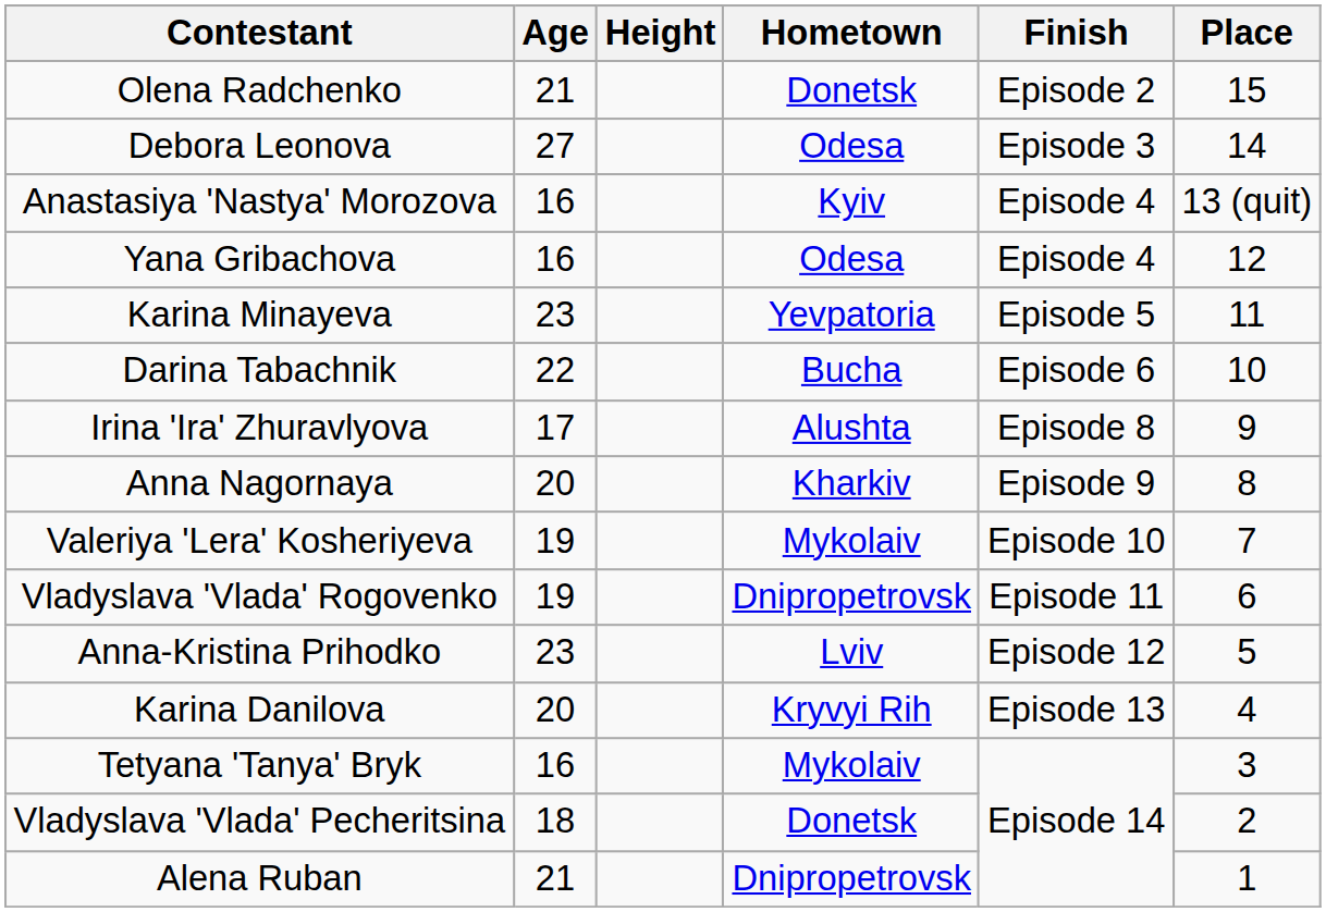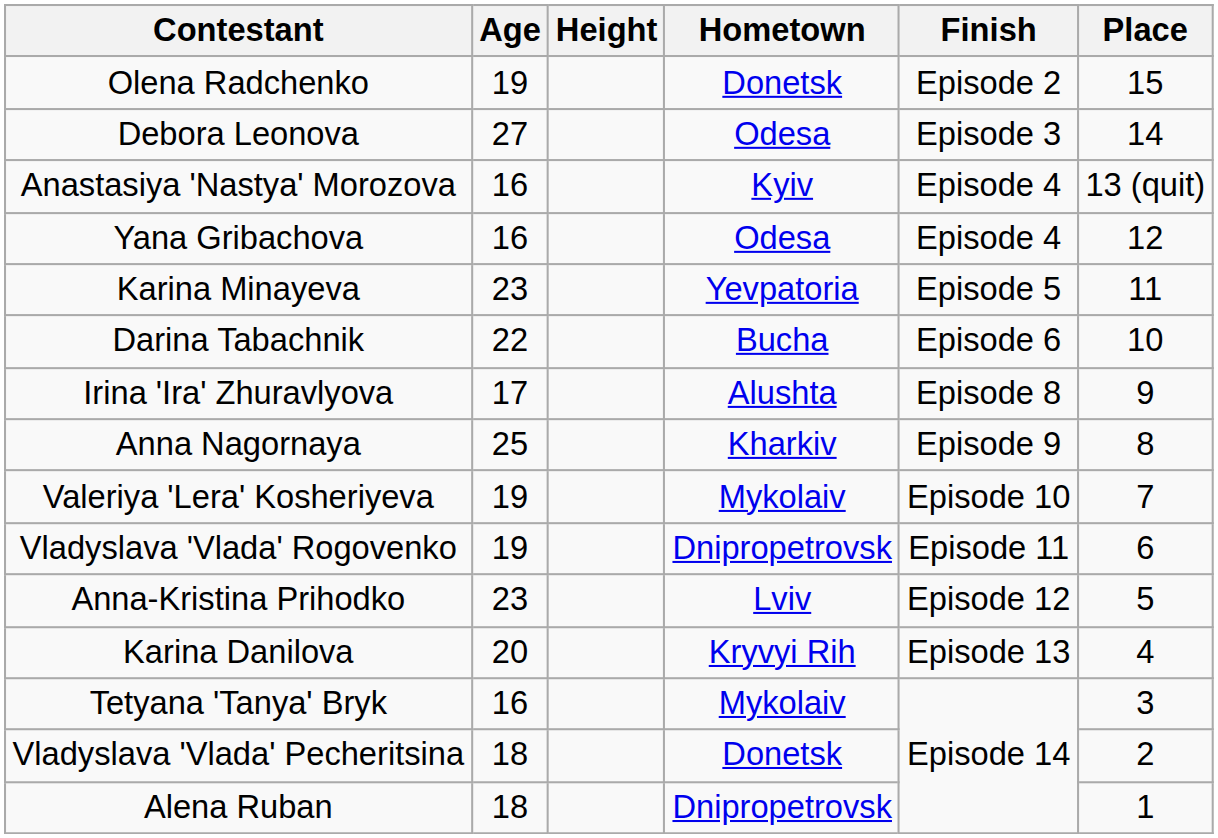 <table class="wikitable sortable" style="text-align:center;">
 <tr>
 <th>Contestant</th>
 <th>Age</th>
 <th>Height</th>
 <th>Hometown</th>
 <th>Finish</th>
 <th>Place</th>
 </tr>
 <tr>
 <td>Olena Radchenko</td>
-<td>21</td>
+<td>19</td>
 <td></td>
 <td><a href='#'>Donetsk</a></td>
 <td>Episode 2</td>
 <td>15</td>
 </tr>
 <tr>
 <td>Debora Leonova</td>
 <td>27</td>
 <td></td>
 <td><a href='#'>Odesa</a></td>
 <td>Episode 3</td>
 <td>14</td>
 </tr>
 <tr>
 <td>Anastasiya 'Nastya' Morozova</td>
 <td>16</td>
 <td></td>
 <td><a href='#'>Kyiv</a></td>
 <td>Episode 4</td>
 <td>13 (quit)</td>
 </tr>
 <tr>
 <td>Yana Gribachova</td>
 <td>16</td>
 <td></td>
 <td><a href='#'>Odesa</a></td>
 <td>Episode 4</td>
 <td>12</td>
 </tr>
 <tr>
 <td>Karina Minayeva</td>
 <td>23</td>
 <td></td>
 <td><a href='#'>Yevpatoria</a></td>
 <td>Episode 5</td>
 <td>11</td>
 </tr>
 <tr>
 <td>Darina Tabachnik</td>
 <td>22</td>
 <td></td>
 <td><a href='#'>Bucha</a></td>
 <td>Episode 6</td>
 <td>10</td>
 </tr>
 <tr>
 <td>Irina 'Ira' Zhuravlyova</td>
 <td>17</td>
 <td></td>
 <td><a href='#'>Alushta</a></td>
 <td>Episode 8</td>
 <td>9</td>
 </tr>
 <tr>
 <td>Anna Nagornaya</td>
-<td>20</td>
+<td>25</td>
 <td></td>
 <td><a href='#'>Kharkiv</a></td>
 <td>Episode 9</td>
 <td>8</td>
 </tr>
 <tr>
 <td>Valeriya 'Lera' Kosheriyeva</td>
 <td>19</td>
 <td></td>
 <td><a href='#'>Mykolaiv</a></td>
 <td>Episode 10</td>
 <td>7</td>
 </tr>
 <tr>
 <td>Vladyslava 'Vlada' Rogovenko</td>
 <td>19</td>
 <td></td>
 <td><a href='#'>Dnipropetrovsk</a></td>
 <td>Episode 11</td>
 <td>6</td>
 </tr>
 <tr>
 <td>Anna-Kristina Prihodko</td>
 <td>23</td>
 <td></td>
 <td><a href='#'>Lviv</a></td>
 <td>Episode 12</td>
 <td>5</td>
 </tr>
 <tr>
 <td>Karina Danilova</td>
 <td>20</td>
 <td></td>
 <td><a href='#'>Kryvyi Rih</a></td>
 <td>Episode 13</td>
 <td>4</td>
 </tr>
 <tr>
 <td>Tetyana 'Tanya' Bryk</td>
 <td>16</td>
 <td></td>
 <td><a href='#'>Mykolaiv</a></td>
 <td rowspan="3">Episode 14</td>
 <td>3</td>
 </tr>
 <tr>
 <td>Vladyslava 'Vlada' Pecheritsina</td>
 <td>18</td>
 <td></td>
 <td><a href='#'>Donetsk</a></td>
 <td>2</td>
 </tr>
 <tr>
 <td>Alena Ruban</td>
-<td>21</td>
+<td>18</td>
 <td></td>
 <td><a href='#'>Dnipropetrovsk</a></td>
 <td>1</td>
 </tr>
 </table>
